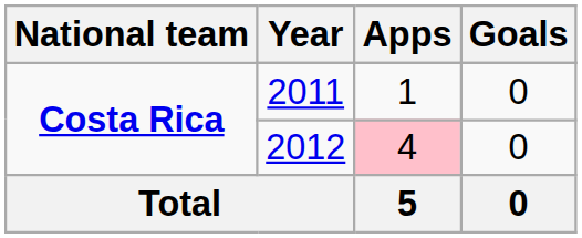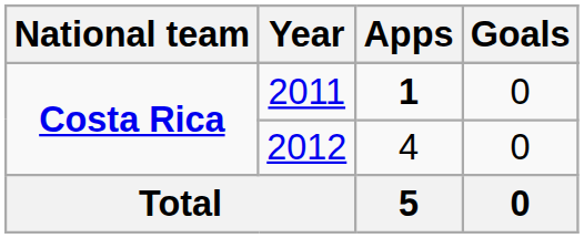 <table class="wikitable" style="font-size:90%; text-align: center">
 <tr>
 <th>National team</th>
 <th>Year</th>
 <th>Apps</th>
 <th>Goals</th>
 </tr>
 <tr>
 <td rowspan="3"><strong><a href='#'>Costa Rica</a></strong></td>
 </tr>
 <tr>
 <td><a href='#'>2011</a></td>
-<td>1</td>
+<td><strong>1</strong></td>
 <td>0</td>
 </tr>
 <tr>
 <td><a href='#'>2012</a></td>
-<td style="background: pink;">4</td>
+<td>4</td>
 <td>0</td>
 </tr>
 <tr>
 <th colspan=2>Total</th>
 <th>5</th>
 <th>0</th>
 </tr>
 </table>
